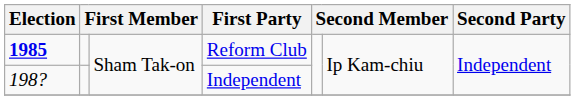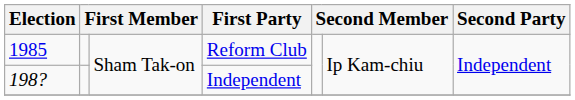 <table class="wikitable">
 <tr>
 <th>Election</th>
 <th colspan="2">First Member</th>
 <th>First Party</th>
 <th colspan="2">Second Member</th>
 <th>Second Party</th>
 </tr>
 <tr>
-<td><strong><a href='#'>1985</a></strong></td>
+<td><a href='#'>1985</a></td>
 <td style="background-color:"></td>
 <td rowspan=2>Sham Tak-on</td>
 <td><a href='#'>Reform Club</a></td>
 <td rowspan=2 style="background-color:"></td>
 <td rowspan=2>Ip Kam-chiu</td>
 <td rowspan=2><a href='#'>Independent</a></td>
 </tr>
 <tr>
 <td><em>198?</em></td>
 <td style="background-color:"></td>
 <td><a href='#'>Independent</a></td>
 </tr>
 <tr>
 </tr>
 </table>
